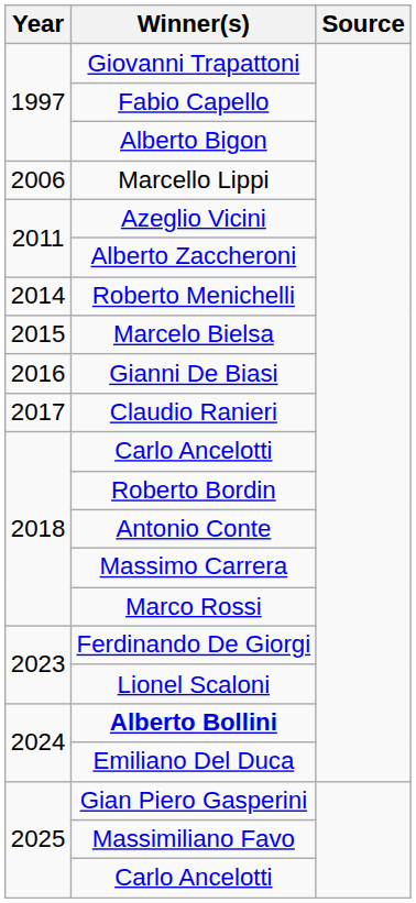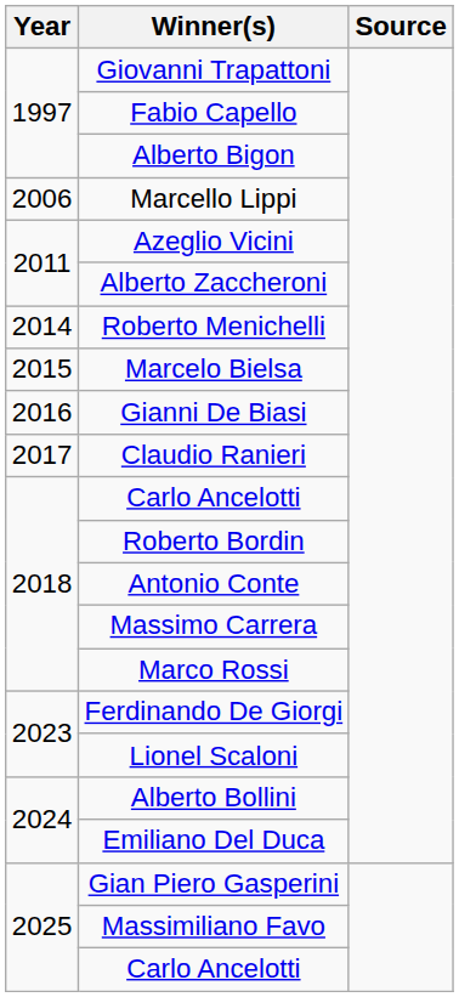 <table class="wikitable" style="text-align:center">
 <tr>
 <th>Year</th>
 <th>Winner(s)</th>
 <th>Source</th>
 </tr>
 <tr>
 <td rowspan="3">1997</td>
 <td><a href='#'>Giovanni Trapattoni</a></td>
 <td rowspan="19"></td>
 </tr>
 <tr>
 <td><a href='#'>Fabio Capello</a></td>
 </tr>
 <tr>
 <td><a href='#'>Alberto Bigon</a></td>
 </tr>
 <tr>
 <td>2006</td>
 <td>Marcello Lippi</td>
 </tr>
 <tr>
 <td rowspan="2">2011</td>
 <td><a href='#'>Azeglio Vicini</a></td>
 </tr>
 <tr>
 <td><a href='#'>Alberto Zaccheroni</a></td>
 </tr>
 <tr>
 <td>2014</td>
 <td><a href='#'>Roberto Menichelli</a></td>
 </tr>
 <tr>
 <td>2015</td>
 <td><a href='#'>Marcelo Bielsa</a></td>
 </tr>
 <tr>
 <td>2016</td>
 <td><a href='#'>Gianni De Biasi</a></td>
 </tr>
 <tr>
 <td>2017</td>
 <td><a href='#'>Claudio Ranieri</a></td>
 </tr>
 <tr>
 <td rowspan="5">2018</td>
 <td><a href='#'>Carlo Ancelotti</a></td>
 </tr>
 <tr>
 <td><a href='#'>Roberto Bordin</a></td>
 </tr>
 <tr>
 <td><a href='#'>Antonio Conte</a></td>
 </tr>
 <tr>
 <td><a href='#'>Massimo Carrera</a></td>
 </tr>
 <tr>
 <td><a href='#'>Marco Rossi</a></td>
 </tr>
 <tr>
 <td rowspan="2">2023</td>
 <td><a href='#'>Ferdinando De Giorgi</a></td>
 </tr>
 <tr>
 <td><a href='#'>Lionel Scaloni</a></td>
 </tr>
 <tr>
 <td rowspan="2">2024</td>
-<td><strong><a href='#'>Alberto Bollini</a></strong></td>
+<td><a href='#'>Alberto Bollini</a></td>
 </tr>
 <tr>
 <td><a href='#'>Emiliano Del Duca</a></td>
 </tr>
 <tr>
 <td rowspan="3">2025</td>
 <td><a href='#'>Gian Piero Gasperini</a></td>
 <td rowspan="3"></td>
 </tr>
 <tr>
 <td><a href='#'>Massimiliano Favo</a></td>
 </tr>
 <tr>
 <td><a href='#'>Carlo Ancelotti</a></td>
 </tr>
 </table>
